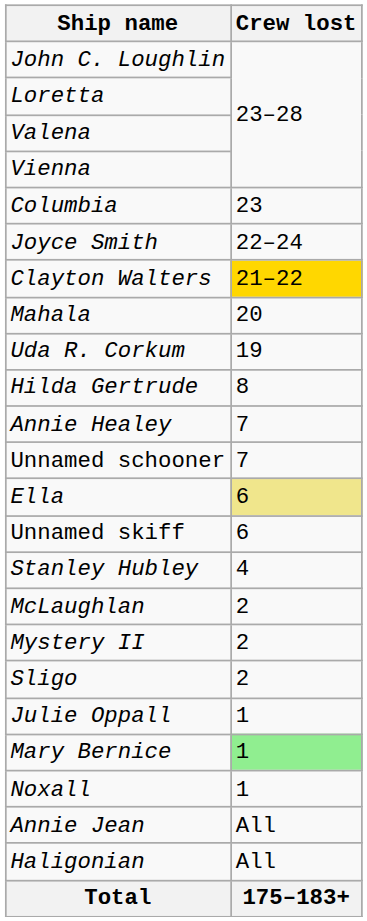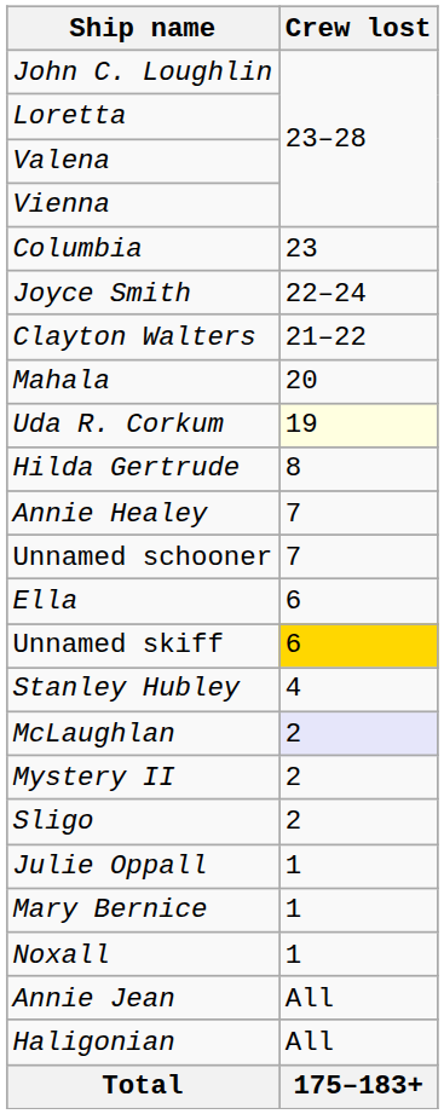 <table class="wikitable collapsible" align="right">
 <tr>
 <th scope="col">Ship name</th>
 <th scope="col">Crew lost</th>
 </tr>
 <tr>
 <td><em>John C. Loughlin</em></td>
 <td rowspan=4>23–28</td>
 </tr>
 <tr>
 <td><em>Loretta</em></td>
 </tr>
 <tr>
 <td><em>Valena</em></td>
 </tr>
 <tr>
 <td><em>Vienna</em></td>
 </tr>
 <tr>
 <td><em>Columbia</em></td>
 <td>23</td>
 </tr>
 <tr>
 <td><em>Joyce Smith</em></td>
 <td>22–24</td>
 </tr>
 <tr>
 <td><em>Clayton Walters</em></td>
-<td style="background: gold;">21–22</td>
+<td>21–22</td>
 </tr>
 <tr>
 <td><em>Mahala</em></td>
 <td>20</td>
 </tr>
 <tr>
 <td><em>Uda R. Corkum</em></td>
-<td>19</td>
+<td style="background: lightyellow;">19</td>
 </tr>
 <tr>
 <td><em>Hilda Gertrude</em></td>
 <td>8</td>
 </tr>
 <tr>
 <td><em>Annie Healey</em></td>
 <td>7</td>
 </tr>
 <tr>
 <td>Unnamed schooner</td>
 <td>7</td>
 </tr>
 <tr>
 <td><em>Ella</em></td>
-<td style="background: khaki;">6</td>
+<td>6</td>
 </tr>
 <tr>
 <td>Unnamed skiff</td>
-<td>6</td>
+<td style="background: gold;">6</td>
 </tr>
 <tr>
 <td><em>Stanley Hubley</em></td>
 <td>4</td>
 </tr>
 <tr>
 <td><em>McLaughlan</em></td>
-<td>2</td>
+<td style="background: lavender;">2</td>
 </tr>
 <tr>
 <td><em>Mystery II</em></td>
 <td>2</td>
 </tr>
 <tr>
 <td><em>Sligo</em></td>
 <td>2</td>
 </tr>
 <tr>
 <td><em>Julie Oppall</em></td>
 <td>1</td>
 </tr>
 <tr>
 <td><em>Mary Bernice</em></td>
-<td style="background: lightgreen;">1</td>
+<td>1</td>
 </tr>
 <tr>
 <td><em>Noxall</em></td>
 <td>1</td>
 </tr>
 <tr>
 <td><em>Annie Jean</em></td>
 <td>All</td>
 </tr>
 <tr>
 <td><em>Haligonian</em></td>
 <td>All</td>
 </tr>
 <tr>
 <th>Total</th>
 <th>175–183+</th>
 </tr>
 </table>
